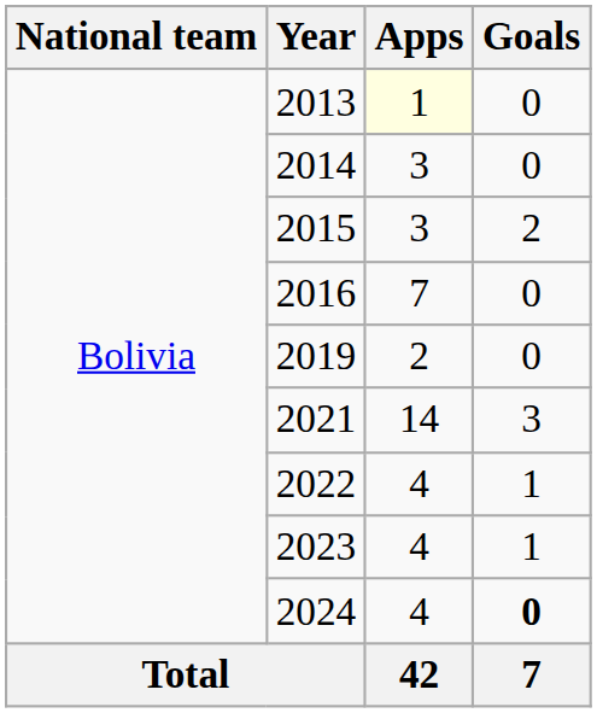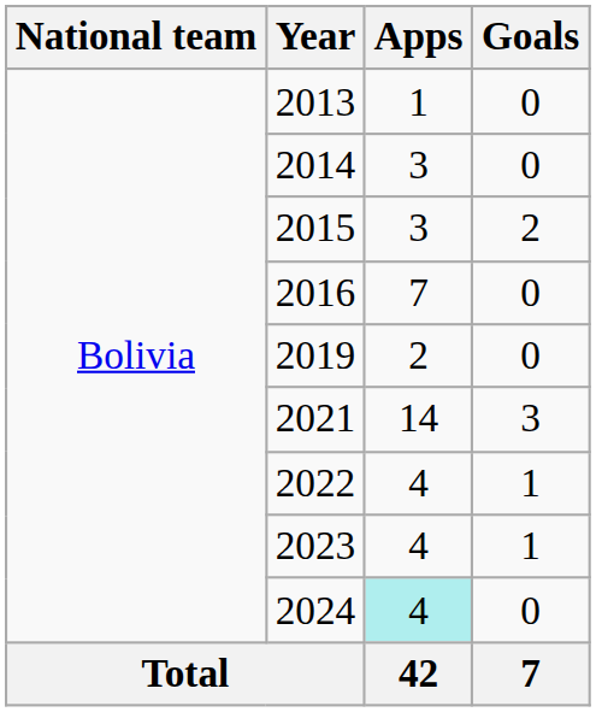 <table class="wikitable" style="text-align:center">
 <tr>
 <th>National team</th>
 <th>Year</th>
 <th>Apps</th>
 <th>Goals</th>
 </tr>
 <tr>
 <td rowspan="9"><a href='#'>Bolivia</a></td>
 <td>2013</td>
-<td style="background: lightyellow;">1</td>
+<td>1</td>
 <td>0</td>
 </tr>
 <tr>
 <td>2014</td>
 <td>3</td>
 <td>0</td>
 </tr>
 <tr>
 <td>2015</td>
 <td>3</td>
 <td>2</td>
 </tr>
 <tr>
 <td>2016</td>
 <td>7</td>
 <td>0</td>
 </tr>
 <tr>
 <td>2019</td>
 <td>2</td>
 <td>0</td>
 </tr>
 <tr>
 <td>2021</td>
 <td>14</td>
 <td>3</td>
 </tr>
 <tr>
 <td>2022</td>
 <td>4</td>
 <td>1</td>
 </tr>
 <tr>
 <td>2023</td>
 <td>4</td>
 <td>1</td>
 </tr>
 <tr>
 <td>2024</td>
-<td>4</td>
-<td><strong>0</strong></td>
+<td style="background: paleturquoise;">4</td>
+<td>0</td>
 </tr>
 <tr>
 <th colspan="2">Total</th>
 <th>42</th>
 <th>7</th>
 </tr>
 </table>
